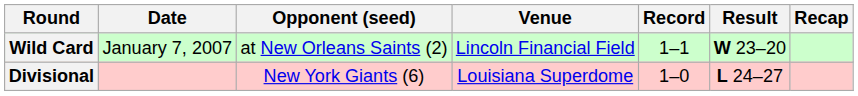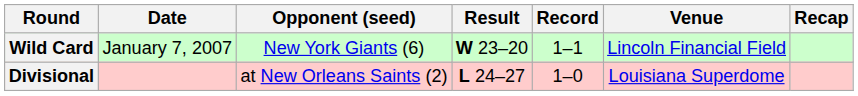 <table class="wikitable" style="text-align:center">
 <tr>
 <th>Round</th>
 <th>Date</th>
 <th>Opponent (seed)</th>
+<th>Result</th>
+<th>Record</th>
 <th>Venue</th>
-<th>Record</th>
-<th>Result</th>
 <th>Recap</th>
 </tr>
 <tr style="background:#cfc">
 <th>Wild Card</th>
 <td>January 7, 2007</td>
-<td>at <a href='#'>New Orleans Saints</a> (2)</td>
+<td><a href='#'>New York Giants</a> (6)</td>
+<td><strong>W</strong> 23–20</td>
+<td>1–1</td>
 <td><a href='#'>Lincoln Financial Field</a></td>
-<td>1–1</td>
-<td><strong>W</strong> 23–20</td>
 <td></td>
 </tr>
 <tr style="background:#fcc">
 <th>Divisional</th>
 <td></td>
-<td><a href='#'>New York Giants</a> (6)</td>
+<td>at <a href='#'>New Orleans Saints</a> (2)</td>
+<td><strong>L</strong> 24–27</td>
+<td>1–0</td>
 <td><a href='#'>Louisiana Superdome</a></td>
-<td>1–0</td>
-<td><strong>L</strong> 24–27</td>
 <td></td>
 </tr>
 </table>
